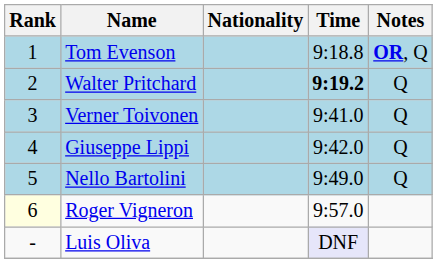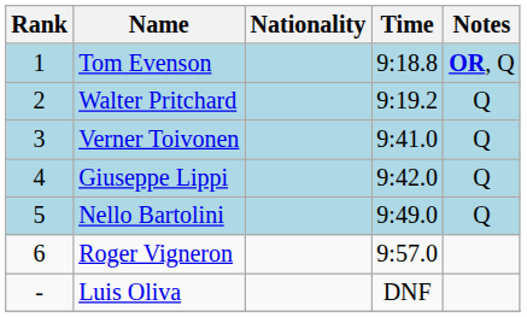 <table class="wikitable sortable" style="text-align:center">
 <tr>
 <th>Rank</th>
 <th>Name</th>
 <th>Nationality</th>
 <th>Time</th>
 <th>Notes</th>
 </tr>
 <tr bgcolor=lightblue>
 <td>1</td>
 <td align=left><a href='#'>Tom Evenson</a></td>
 <td align=left></td>
 <td>9:18.8</td>
 <td><a href='#'><strong>OR</strong></a>, Q</td>
 </tr>
 <tr bgcolor=lightblue>
 <td>2</td>
 <td align=left><a href='#'>Walter Pritchard</a></td>
 <td align=left></td>
-<td><strong>9:19.2</strong></td>
+<td>9:19.2</td>
 <td>Q</td>
 </tr>
 <tr bgcolor=lightblue>
 <td>3</td>
 <td align=left><a href='#'>Verner Toivonen</a></td>
 <td align=left></td>
 <td>9:41.0</td>
 <td>Q</td>
 </tr>
 <tr bgcolor=lightblue>
 <td>4</td>
 <td align=left><a href='#'>Giuseppe Lippi</a></td>
 <td align=left></td>
 <td>9:42.0</td>
 <td>Q</td>
 </tr>
 <tr bgcolor=lightblue>
 <td>5</td>
 <td align=left><a href='#'>Nello Bartolini</a></td>
 <td align=left></td>
 <td>9:49.0</td>
 <td>Q</td>
 </tr>
 <tr>
-<td style="background: lightyellow;">6</td>
+<td>6</td>
 <td align=left><a href='#'>Roger Vigneron</a></td>
 <td align=left></td>
 <td>9:57.0</td>
 <td></td>
 </tr>
 <tr>
 <td>-</td>
 <td align=left><a href='#'>Luis Oliva</a></td>
 <td align=left></td>
-<td style="background: lavender;">DNF</td>
+<td>DNF</td>
 <td></td>
 </tr>
 <tr>
 </tr>
 </table>
